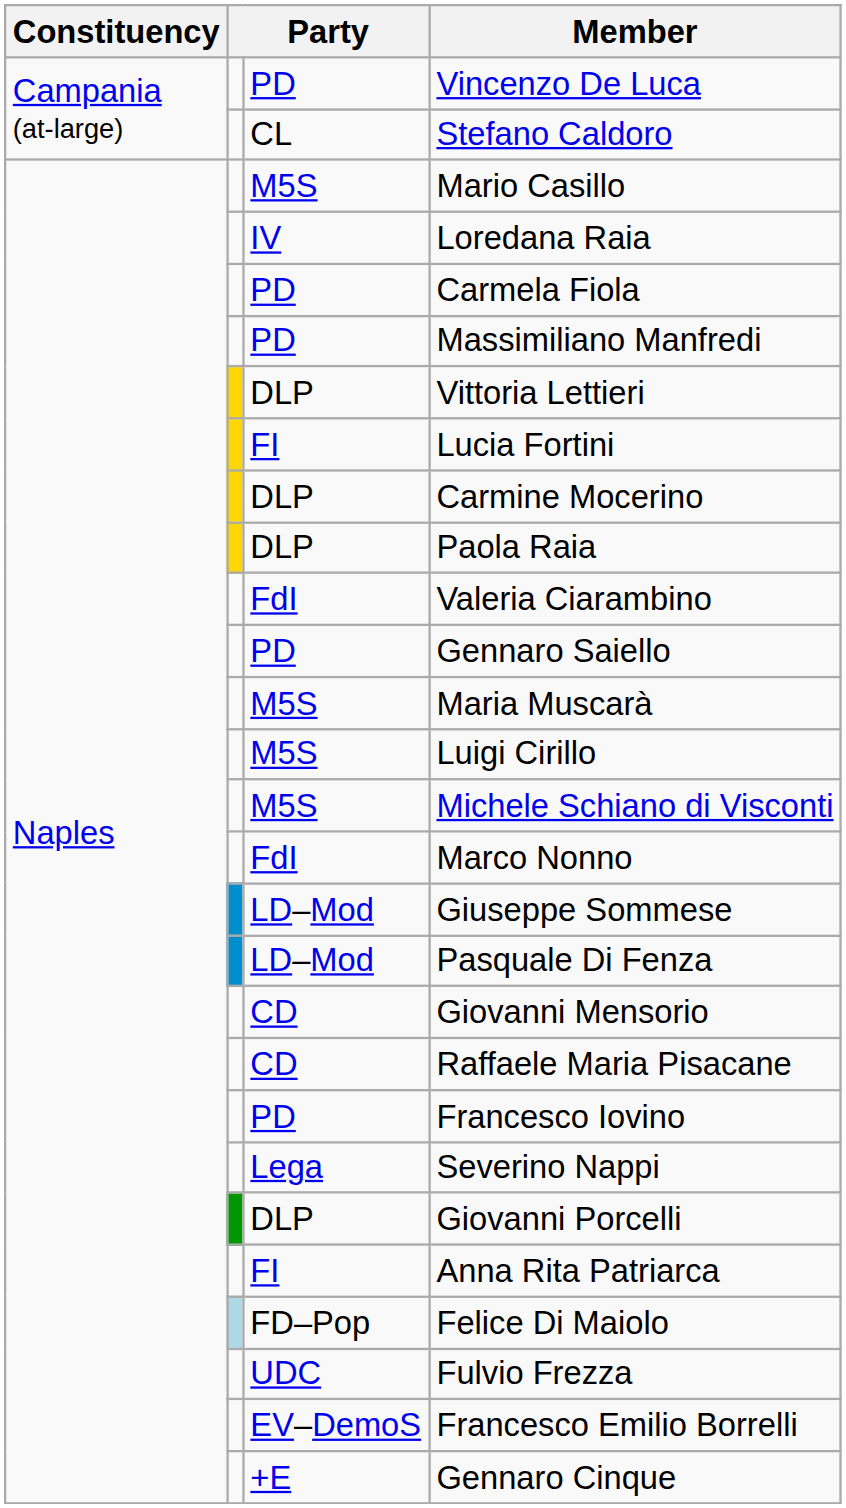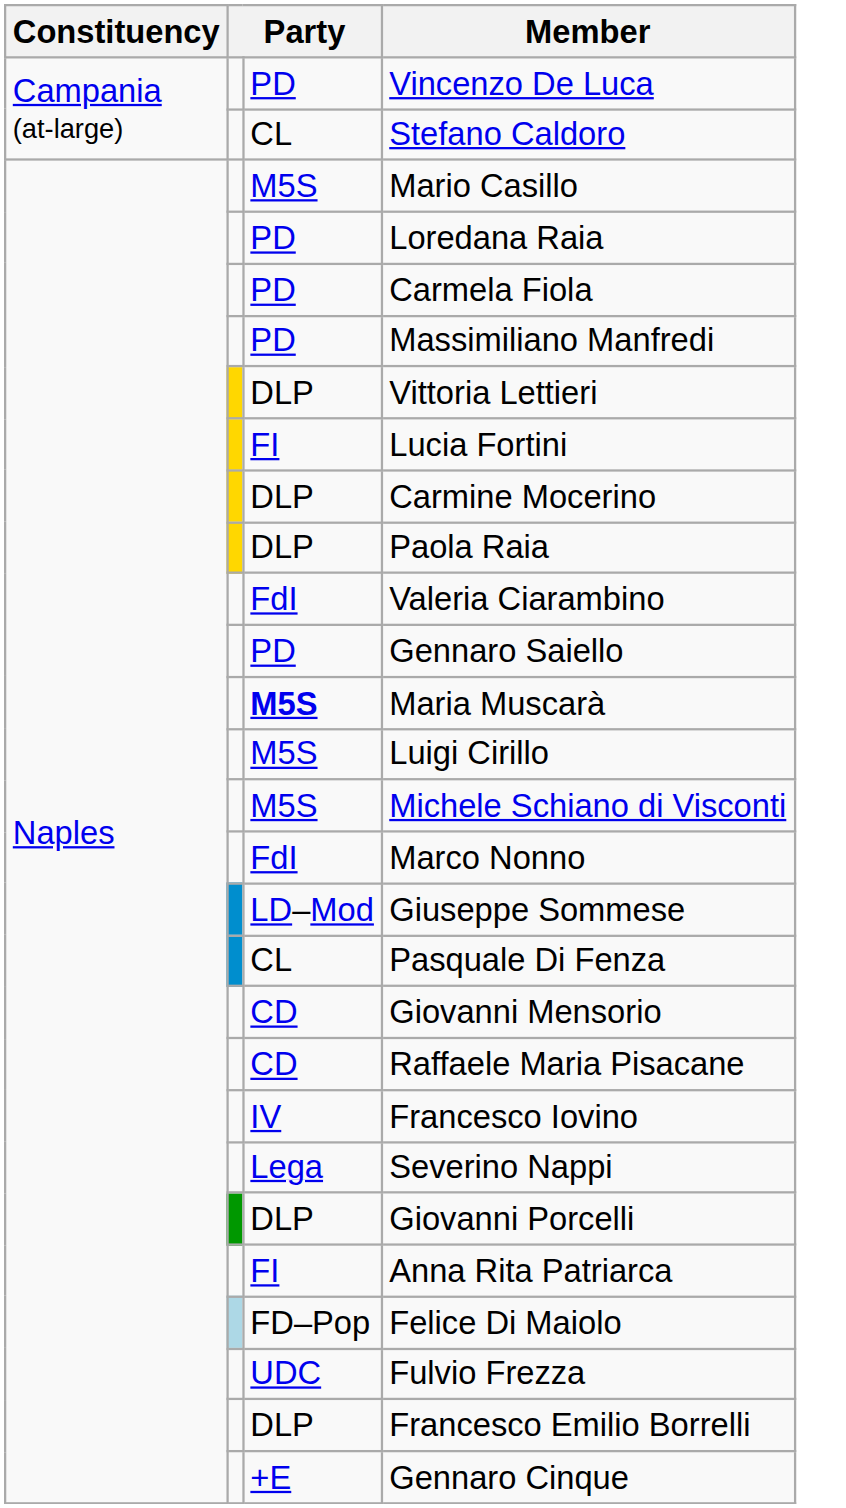 <table class="wikitable" style="font-size:90%">
 <tr>
 <th>Constituency</th>
 <th colspan=2>Party</th>
 <th>Member</th>
 </tr>
 <tr>
 <td rowspan="2"><a href='#'>Campania</a><br><small>(at-large)</small></td>
 <td style="background:"></td>
 <td><a href='#'>PD</a></td>
 <td><a href='#'>Vincenzo De Luca</a></td>
 </tr>
 <tr>
 <td style="background:"></td>
 <td>CL</td>
 <td><a href='#'>Stefano Caldoro</a></td>
 </tr>
 <tr>
 <td rowspan="26"><a href='#'>Naples</a></td>
 <td style="background:"></td>
 <td><a href='#'>M5S</a></td>
 <td>Mario Casillo</td>
 </tr>
 <tr>
 <td style="background:"></td>
-<td><a href='#'>IV</a></td>
+<td><a href='#'>PD</a></td>
 <td>Loredana Raia</td>
 </tr>
 <tr>
 <td style="background:"></td>
 <td><a href='#'>PD</a></td>
 <td>Carmela Fiola</td>
 </tr>
 <tr>
 <td style="background:"></td>
 <td><a href='#'>PD</a></td>
 <td>Massimiliano Manfredi</td>
 </tr>
 <tr>
 <td style="background:gold"></td>
 <td>DLP</td>
 <td>Vittoria Lettieri</td>
 </tr>
 <tr>
 <td style="background:gold"></td>
 <td><a href='#'>FI</a></td>
 <td>Lucia Fortini</td>
 </tr>
 <tr>
 <td style="background:gold"></td>
 <td>DLP</td>
 <td>Carmine Mocerino</td>
 </tr>
 <tr>
 <td style="background:gold"></td>
 <td>DLP</td>
 <td>Paola Raia</td>
 </tr>
 <tr>
 <td style="background:"></td>
 <td><a href='#'>FdI</a></td>
 <td>Valeria Ciarambino</td>
 </tr>
 <tr>
 <td style="background:"></td>
 <td><a href='#'>PD</a></td>
 <td>Gennaro Saiello</td>
 </tr>
 <tr>
 <td style="background:"></td>
-<td><a href='#'>M5S</a></td>
+<td><strong><a href='#'>M5S</a></strong></td>
 <td>Maria Muscarà</td>
 </tr>
 <tr>
 <td style="background:"></td>
 <td><a href='#'>M5S</a></td>
 <td>Luigi Cirillo</td>
 </tr>
 <tr>
 <td style="background:"></td>
 <td><a href='#'>M5S</a></td>
 <td><a href='#'>Michele Schiano di Visconti</a></td>
 </tr>
 <tr>
 <td style="background:"></td>
 <td><a href='#'>FdI</a></td>
 <td>Marco Nonno</td>
 </tr>
 <tr>
 <td style="background:#008ECE"></td>
 <td><a href='#'>LD</a>–<a href='#'>Mod</a></td>
 <td>Giuseppe Sommese</td>
 </tr>
 <tr>
 <td style="background:#008ECE"></td>
-<td><a href='#'>LD</a>–<a href='#'>Mod</a></td>
+<td>CL</td>
 <td>Pasquale Di Fenza</td>
 </tr>
 <tr>
 <td style="background:"></td>
 <td><a href='#'>CD</a></td>
 <td>Giovanni Mensorio</td>
 </tr>
 <tr>
 <td style="background:"></td>
 <td><a href='#'>CD</a></td>
 <td>Raffaele Maria Pisacane</td>
 </tr>
 <tr>
 <td style="background:"></td>
-<td><a href='#'>PD</a></td>
+<td><a href='#'>IV</a></td>
 <td>Francesco Iovino</td>
 </tr>
 <tr>
 <td style="background:"></td>
 <td><a href='#'>Lega</a></td>
 <td>Severino Nappi</td>
 </tr>
 <tr>
 <td style="background:#009800"></td>
 <td>DLP</td>
 <td>Giovanni Porcelli</td>
 </tr>
 <tr>
 <td style="background:"></td>
 <td><a href='#'>FI</a></td>
 <td>Anna Rita Patriarca</td>
 </tr>
 <tr>
 <td style="background:#ADD8E6"></td>
 <td>FD–Pop</td>
 <td>Felice Di Maiolo</td>
 </tr>
 <tr>
 <td style="background:"></td>
 <td><a href='#'>UDC</a></td>
 <td>Fulvio Frezza</td>
 </tr>
 <tr>
 <td style="background:"></td>
-<td><a href='#'>EV</a>–<a href='#'>DemoS</a></td>
+<td>DLP</td>
 <td>Francesco Emilio Borrelli</td>
 </tr>
 <tr>
 <td style="background:"></td>
 <td><a href='#'>+E</a></td>
 <td>Gennaro Cinque</td>
 </tr>
 </table>
